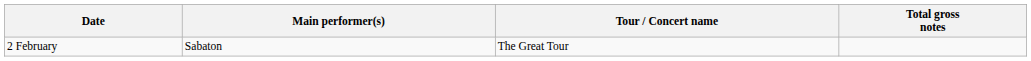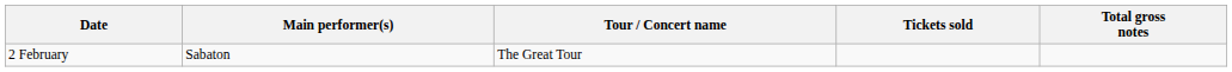 <table class="wikitable"  style="text-align:left; font-size:95%; width:85%;">
 <tr>
 <th style="text-align:center;">Date</th>
 <th style="text-align:center;">Main performer(s)</th>
 <th style="text-align:center;">Tour / Concert name</th>
+<th style="text-align:center;">Tickets sold</th>
 <th style="text-align:center;">Total gross<br>notes</th>
 </tr>
 <tr>
 <td>2 February</td>
 <td>Sabaton</td>
 <td>The Great Tour</td>
 <td></td>
+<td></td>
 </tr>
 </table>
